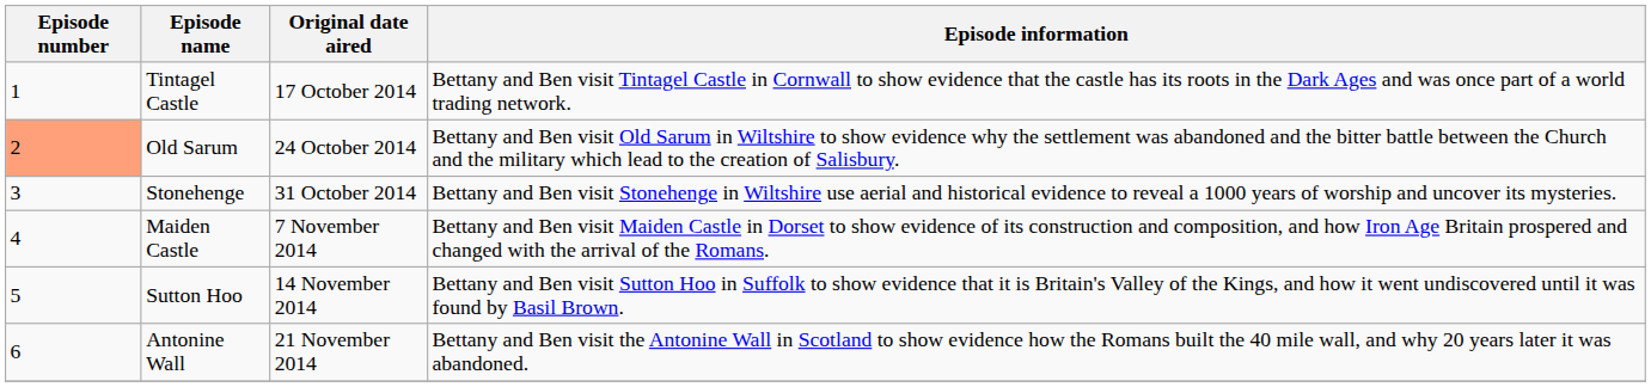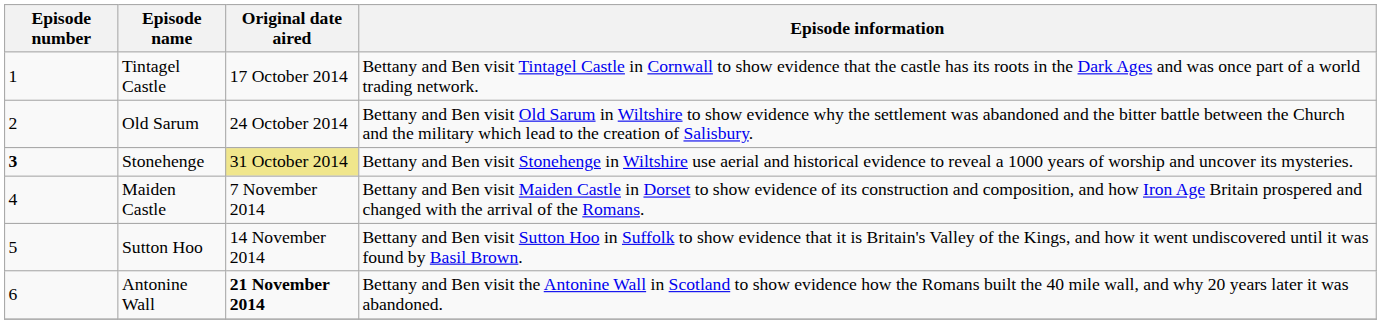 <table class="wikitable sortable">
 <tr>
 <th>Episode number</th>
 <th>Episode name</th>
 <th>Original date aired</th>
 <th>Episode information</th>
 </tr>
 <tr>
 <td>1</td>
 <td>Tintagel Castle</td>
 <td>17 October 2014</td>
 <td>Bettany and Ben visit <a href='#'>Tintagel Castle</a> in <a href='#'>Cornwall</a> to show evidence that the castle has its roots in the <a href='#'>Dark Ages</a> and was once part of a world trading network.</td>
 </tr>
 <tr>
-<td style="background: lightsalmon;">2</td>
+<td>2</td>
 <td>Old Sarum</td>
 <td>24 October 2014</td>
 <td>Bettany and Ben visit <a href='#'>Old Sarum</a> in <a href='#'>Wiltshire</a> to show evidence why the settlement was abandoned and the bitter battle between the Church and the military which lead to the creation of <a href='#'>Salisbury</a>.</td>
 </tr>
 <tr>
-<td>3</td>
+<td><strong>3</strong></td>
 <td>Stonehenge</td>
-<td>31 October 2014</td>
+<td style="background: khaki;">31 October 2014</td>
 <td>Bettany and Ben visit <a href='#'>Stonehenge</a> in <a href='#'>Wiltshire</a> use aerial and historical evidence to reveal a 1000 years of worship and uncover its mysteries.</td>
 </tr>
 <tr>
 <td>4</td>
 <td>Maiden Castle</td>
 <td>7 November 2014</td>
 <td>Bettany and Ben visit <a href='#'>Maiden Castle</a> in <a href='#'>Dorset</a> to show evidence of its construction and composition, and how <a href='#'>Iron Age</a> Britain prospered and changed with the arrival of the <a href='#'>Romans</a>.</td>
 </tr>
 <tr>
 <td>5</td>
 <td>Sutton Hoo</td>
 <td>14 November 2014</td>
 <td>Bettany and Ben visit <a href='#'>Sutton Hoo</a> in <a href='#'>Suffolk</a> to show evidence that it is Britain's Valley of the Kings, and how it went undiscovered until it was found by <a href='#'>Basil Brown</a>.</td>
 </tr>
 <tr>
 <td>6</td>
 <td>Antonine Wall</td>
-<td>21 November 2014</td>
+<td><strong>21 November 2014</strong></td>
 <td>Bettany and Ben visit the <a href='#'>Antonine Wall</a> in <a href='#'>Scotland</a> to show evidence how the Romans built the 40 mile wall, and why 20 years later it was abandoned.</td>
 </tr>
 <tr>
 </tr>
 </table>
